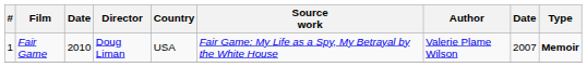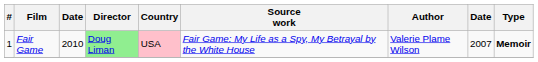 <table class="wikitable">
 <tr>
 <th>#</th>
 <th>Film</th>
 <th>Date</th>
 <th>Director</th>
 <th>Country</th>
 <th>Source<br>work</th>
 <th>Author</th>
 <th>Date</th>
 <th>Type</th>
 </tr>
 <tr>
 <td>1</td>
 <td><em><a href='#'>Fair Game</a></em></td>
 <td>2010</td>
-<td><a href='#'>Doug Liman</a></td>
-<td>USA</td>
+<td style="background: lightgreen;"><a href='#'>Doug Liman</a></td>
+<td style="background: pink;">USA</td>
 <td><em><a href='#'>Fair Game: My Life as a Spy, My Betrayal by the White House</a></em></td>
 <td><a href='#'>Valerie Plame Wilson</a></td>
 <td>2007</td>
 <td><strong>Memoir</strong></td>
 </tr>
 <tr>
 </tr>
 </table>
